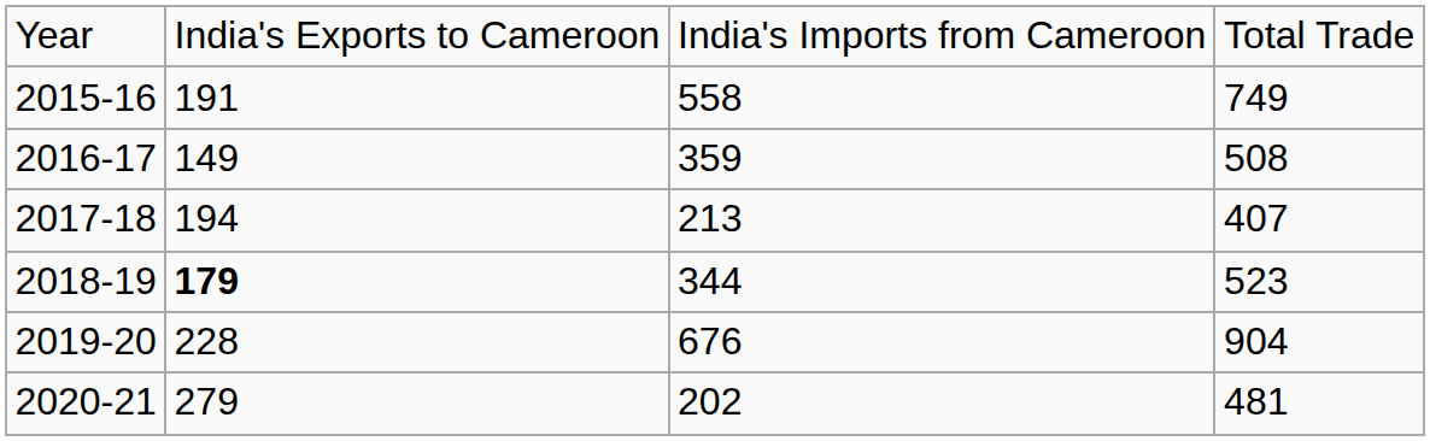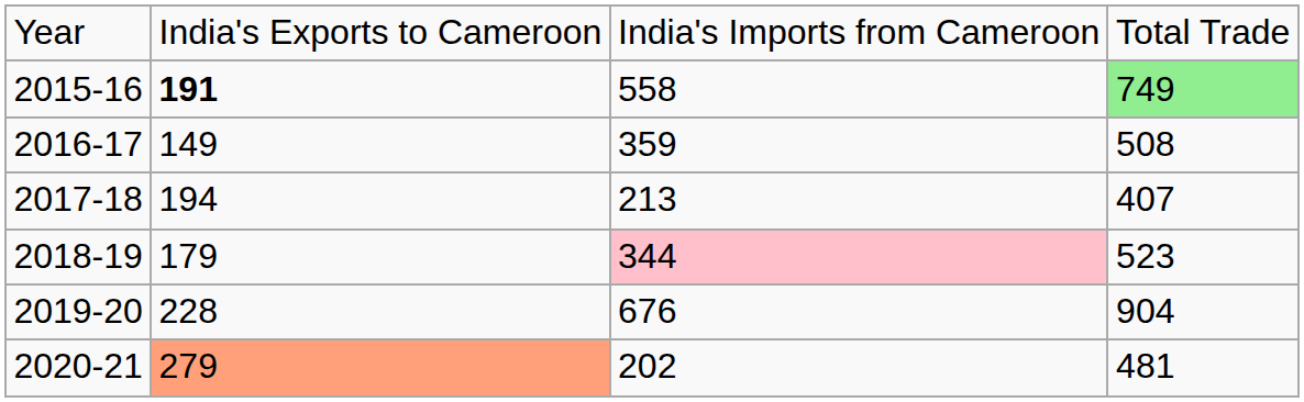 <table class="wikitable">
 <tr>
 <td>Year</td>
 <td>India's Exports to Cameroon</td>
 <td>India's Imports from Cameroon</td>
 <td>Total Trade</td>
 </tr>
 <tr>
 <td>2015-16</td>
-<td>191</td>
+<td><strong>191</strong></td>
 <td>558</td>
-<td>749</td>
+<td style="background: lightgreen;">749</td>
 </tr>
 <tr>
 <td>2016-17</td>
 <td>149</td>
 <td>359</td>
 <td>508</td>
 </tr>
 <tr>
 <td>2017-18</td>
 <td>194</td>
 <td>213</td>
 <td>407</td>
 </tr>
 <tr>
 <td>2018-19</td>
-<td><strong>179</strong></td>
-<td>344</td>
+<td>179</td>
+<td style="background: pink;">344</td>
 <td>523</td>
 </tr>
 <tr>
 <td>2019-20</td>
 <td>228</td>
 <td>676</td>
 <td>904</td>
 </tr>
 <tr>
 <td>2020-21</td>
-<td>279</td>
+<td style="background: lightsalmon;">279</td>
 <td>202</td>
 <td>481</td>
 </tr>
 </table>
